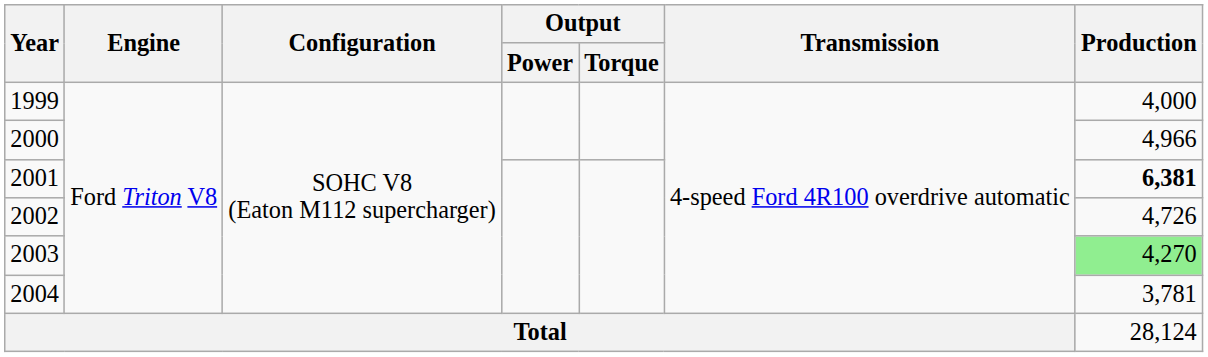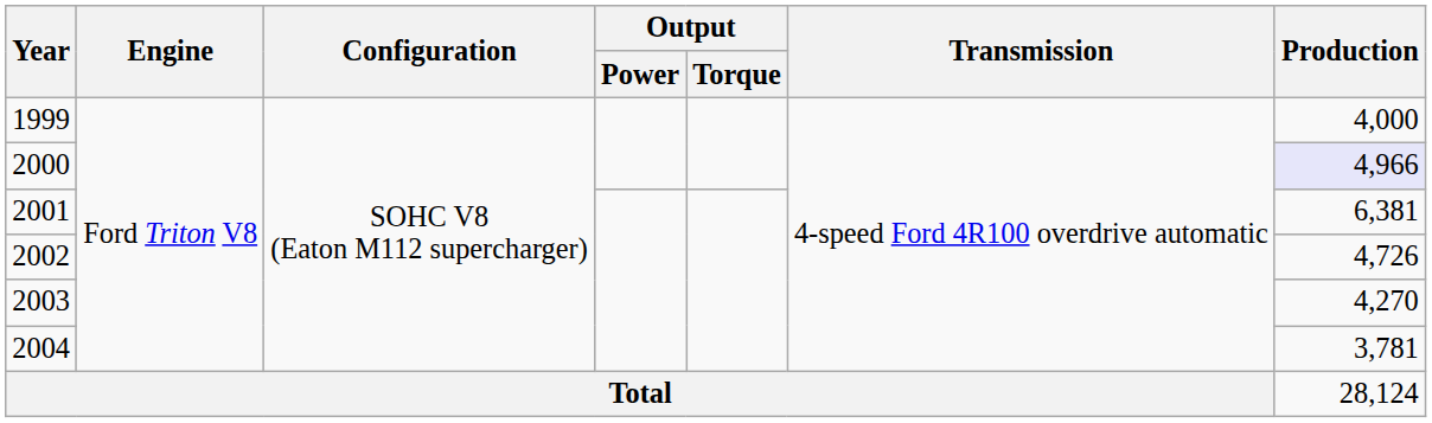 <table class="wikitable">
 <tr>
 <th rowspan="2">Year</th>
 <th rowspan="2">Engine</th>
 <th rowspan="2">Configuration</th>
 <th colspan="2">Output</th>
 <th rowspan="2">Transmission</th>
 <th rowspan="2">Production</th>
 </tr>
 <tr>
 <th>Power</th>
 <th>Torque</th>
 </tr>
 <tr align="center">
 <td>1999</td>
 <td rowspan="6">Ford <em><a href='#'>Triton</a></em> <a href='#'>V8</a></td>
 <td rowspan="6"> SOHC V8<br>(Eaton M112 supercharger)</td>
 <td rowspan="2"></td>
 <td rowspan="2"></td>
 <td rowspan="6">4-speed <a href='#'>Ford 4R100</a> overdrive automatic</td>
 <td align="right">4,000</td>
 </tr>
 <tr align="center">
 <td>2000</td>
-<td align="right">4,966</td>
+<td align="right" style="background: lavender;">4,966</td>
 </tr>
 <tr align="center">
 <td>2001</td>
 <td rowspan="4"></td>
 <td rowspan="4"></td>
-<td align="right"><strong>6,381</strong></td>
+<td align="right">6,381</td>
 </tr>
 <tr align="center">
 <td>2002</td>
 <td align="right">4,726</td>
 </tr>
 <tr align="center">
 <td>2003</td>
-<td align="right" style="background: lightgreen;">4,270</td>
+<td align="right">4,270</td>
 </tr>
 <tr align="center">
 <td>2004</td>
 <td align="right">3,781</td>
 </tr>
 <tr align="right">
 <th colspan="6">Total</th>
 <td>28,124</td>
 </tr>
 </table>
